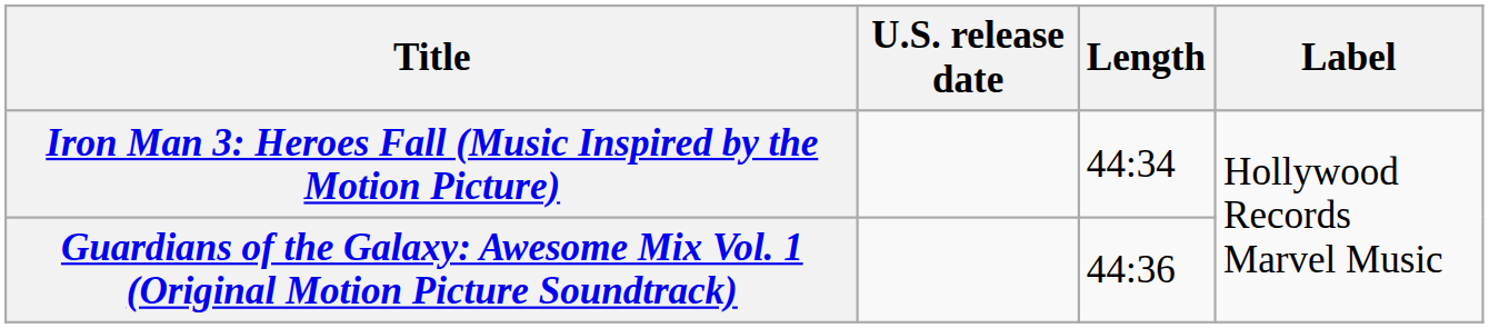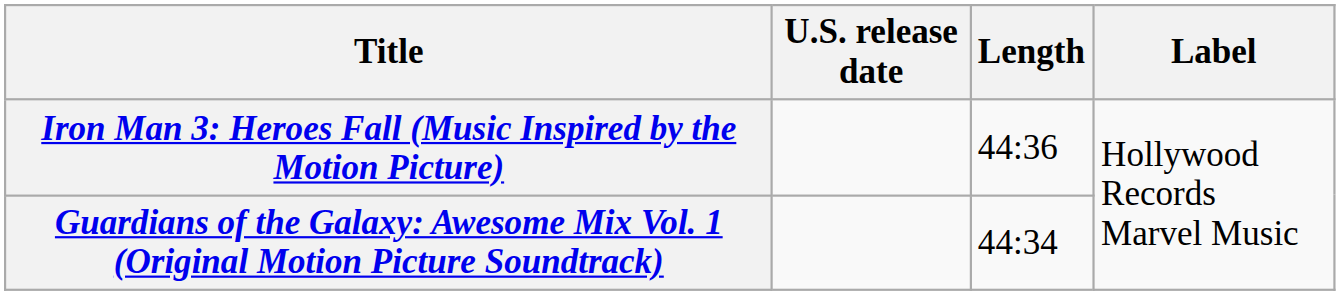 <table class="wikitable plainrowheaders defaultleft col4center">
 <tr>
 <th scope="col">Title</th>
 <th scope="col">U.S. release date</th>
 <th scope="col">Length</th>
 <th scope="col">Label</th>
 </tr>
 <tr>
 <th scope="row"><em><a href='#'>Iron Man 3: Heroes Fall (Music Inspired by the Motion Picture)</a></em></th>
 <td></td>
-<td>44:34</td>
+<td>44:36</td>
 <td rowspan="2">Hollywood Records<br>Marvel Music</td>
 </tr>
 <tr>
 <th scope="row"><em><a href='#'>Guardians of the Galaxy: Awesome Mix Vol. 1 (Original Motion Picture Soundtrack)</a></em></th>
 <td></td>
-<td>44:36</td>
+<td>44:34</td>
 </tr>
 </table>
